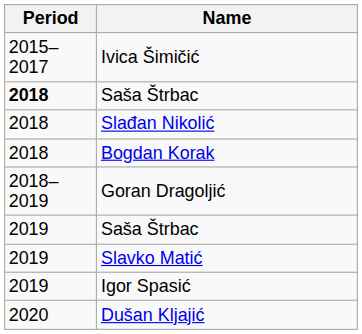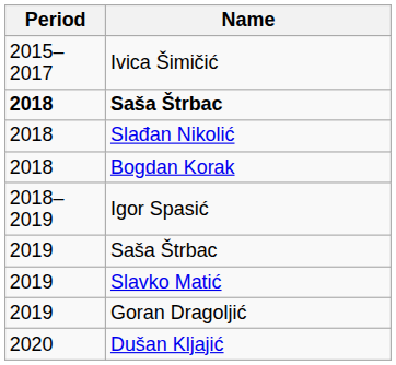 <table class="wikitable">
 <tr>
 <th width="75">Period</th>
 <th width="225">Name</th>
 </tr>
 <tr>
 <td>2015–2017</td>
 <td> Ivica Šimičić</td>
 </tr>
 <tr>
 <td><strong>2018</strong></td>
-<td> Saša Štrbac</td>
+<td><strong> Saša Štrbac</strong></td>
 </tr>
 <tr>
 <td>2018</td>
 <td> <a href='#'>Slađan Nikolić</a></td>
 </tr>
 <tr>
 <td>2018</td>
 <td> <a href='#'>Bogdan Korak</a></td>
 </tr>
 <tr>
 <td>2018–2019</td>
-<td> Goran Dragoljić</td>
+<td> Igor Spasić</td>
 </tr>
 <tr>
 <td>2019</td>
 <td> Saša Štrbac</td>
 </tr>
 <tr>
 <td>2019</td>
 <td> <a href='#'>Slavko Matić</a></td>
 </tr>
 <tr>
 <td>2019</td>
-<td> Igor Spasić</td>
+<td> Goran Dragoljić</td>
 </tr>
 <tr>
 <td>2020</td>
 <td> <a href='#'>Dušan Kljajić</a></td>
 </tr>
 </table>
